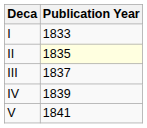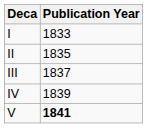 <table class="wikitable">
 <tr>
 <th>Deca</th>
 <th>Publication Year</th>
 </tr>
 <tr>
 <td>I</td>
 <td>1833</td>
 </tr>
 <tr>
 <td>II</td>
-<td style="background: lightyellow;">1835</td>
+<td>1835</td>
 </tr>
 <tr>
 <td>III</td>
 <td>1837</td>
 </tr>
 <tr>
 <td>IV</td>
 <td>1839</td>
 </tr>
 <tr>
 <td>V</td>
-<td>1841</td>
+<td><strong>1841</strong></td>
 </tr>
 </table>
